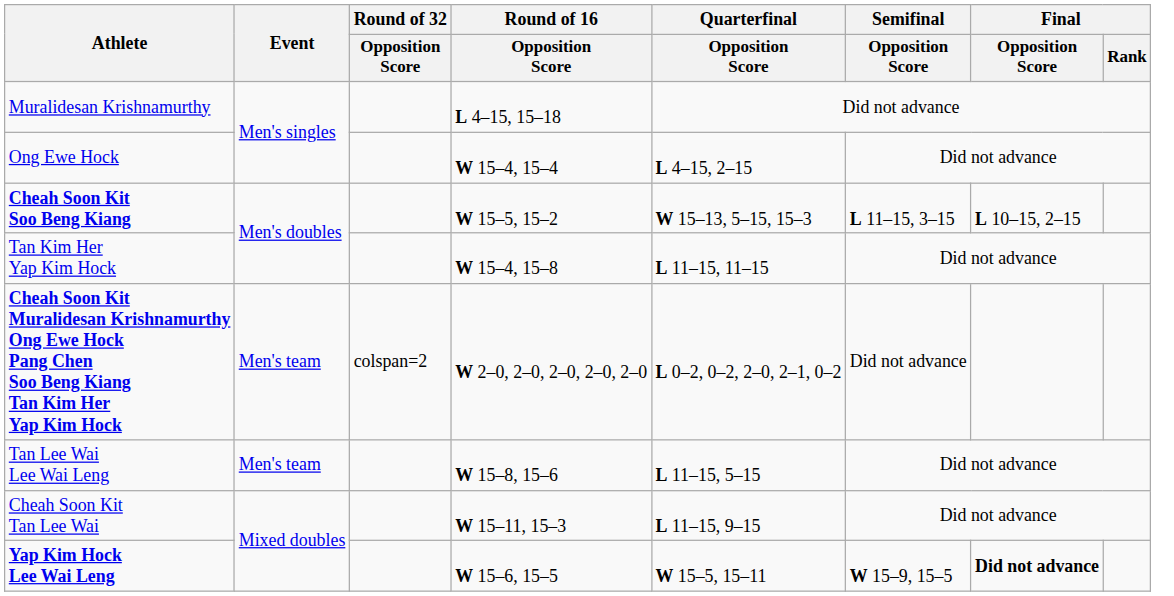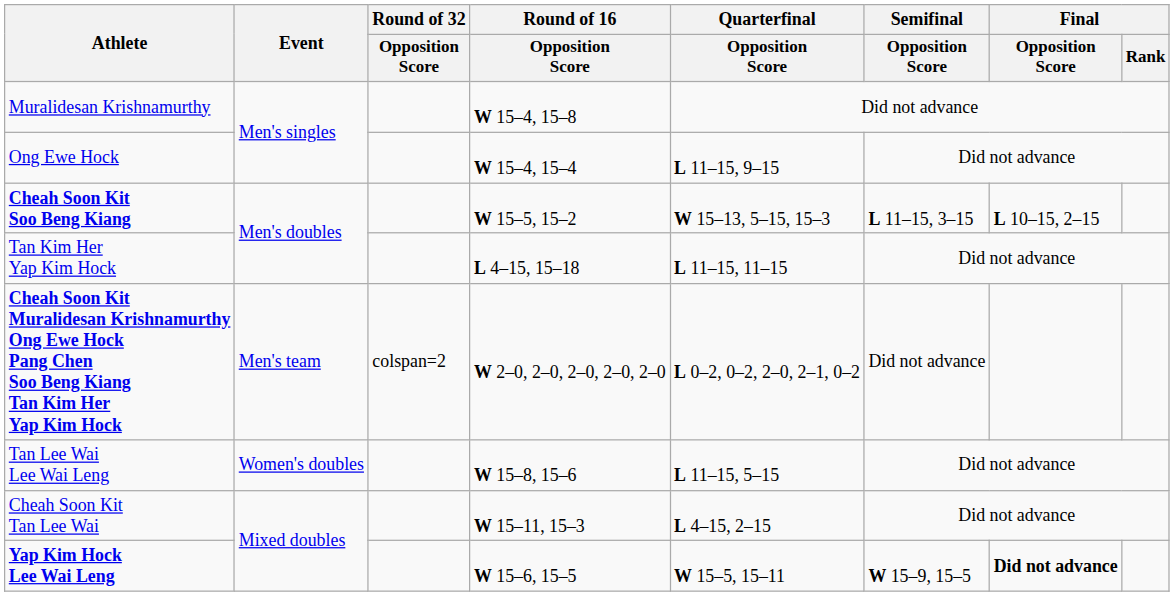 <table class="wikitable" style="font-size:90%">
 <tr>
 <th rowspan=2>Athlete</th>
 <th rowspan=2>Event</th>
 <th>Round of 32</th>
 <th>Round of 16</th>
 <th>Quarterfinal</th>
 <th>Semifinal</th>
 <th colspan=2>Final</th>
 </tr>
 <tr style="font-size:95%">
 <th>Opposition<br>Score</th>
 <th>Opposition<br>Score</th>
 <th>Opposition<br>Score</th>
 <th>Opposition<br>Score</th>
 <th>Opposition<br>Score</th>
 <th>Rank</th>
 </tr>
 <tr>
 <td><a href='#'>Muralidesan Krishnamurthy</a></td>
 <td rowspan=2><a href='#'>Men's singles</a></td>
 <td></td>
-<td><br><strong>L</strong> 4–15, 15–18</td>
+<td><br><strong>W</strong> 15–4, 15–8</td>
 <td colspan=4 align=center>Did not advance</td>
 </tr>
 <tr>
 <td><a href='#'>Ong Ewe Hock</a></td>
 <td></td>
 <td><br><strong>W</strong> 15–4, 15–4</td>
-<td><br><strong>L</strong> 4–15, 2–15</td>
+<td><br><strong>L</strong> 11–15, 9–15</td>
 <td colspan=3 align=center>Did not advance</td>
 </tr>
 <tr>
 <td><strong><a href='#'>Cheah Soon Kit</a><br><a href='#'>Soo Beng Kiang</a></strong></td>
 <td rowspan=2><a href='#'>Men's doubles</a></td>
 <td></td>
 <td><br><strong>W</strong> 15–5, 15–2</td>
 <td><br><strong>W</strong> 15–13, 5–15, 15–3</td>
 <td><br><strong>L</strong> 11–15, 3–15</td>
 <td><br><strong>L</strong> 10–15, 2–15</td>
 <td align=center></td>
 </tr>
 <tr>
 <td><a href='#'>Tan Kim Her</a><br><a href='#'>Yap Kim Hock</a></td>
 <td></td>
-<td><br><strong>W</strong> 15–4, 15–8</td>
+<td><br><strong>L</strong> 4–15, 15–18</td>
 <td><br><strong>L</strong> 11–15, 11–15</td>
 <td colspan=3 align=center>Did not advance</td>
 </tr>
 <tr>
 <td><strong><a href='#'>Cheah Soon Kit</a><br><a href='#'>Muralidesan Krishnamurthy</a><br><a href='#'>Ong Ewe Hock</a><br><a href='#'>Pang Chen</a><br><a href='#'>Soo Beng Kiang</a><br><a href='#'>Tan Kim Her</a><br><a href='#'>Yap Kim Hock</a></strong></td>
 <td><a href='#'>Men's team</a></td>
 <td>colspan=2 </td>
 <td><br><strong>W</strong> 2–0, 2–0, 2–0, 2–0, 2–0</td>
 <td><br><strong>L</strong> 0–2, 0–2, 2–0, 2–1, 0–2</td>
 <td align=center>Did not advance</td>
 <td align=center></td>
 </tr>
 <tr>
 <td><a href='#'>Tan Lee Wai</a><br><a href='#'>Lee Wai Leng</a></td>
-<td><a href='#'>Men's team</a></td>
+<td><a href='#'>Women's doubles</a></td>
 <td></td>
 <td><br><strong>W</strong> 15–8, 15–6</td>
 <td><br><strong>L</strong> 11–15, 5–15</td>
 <td colspan=3 align=center>Did not advance</td>
 </tr>
 <tr>
 <td><a href='#'>Cheah Soon Kit</a><br><a href='#'>Tan Lee Wai</a></td>
 <td rowspan=2><a href='#'>Mixed doubles</a></td>
 <td></td>
 <td><br><strong>W</strong> 15–11, 15–3</td>
-<td><br><strong>L</strong> 11–15, 9–15</td>
+<td><br><strong>L</strong> 4–15, 2–15</td>
 <td colspan=3 align=center>Did not advance</td>
 </tr>
 <tr>
 <td><strong><a href='#'>Yap Kim Hock</a><br><a href='#'>Lee Wai Leng</a></strong></td>
 <td></td>
 <td><br><strong>W</strong> 15–6, 15–5</td>
 <td><br><strong>W</strong> 15–5, 15–11</td>
 <td><br><strong>W</strong> 15–9, 15–5</td>
 <td align=center><strong>Did not advance</strong></td>
 <td align=center></td>
 </tr>
 </table>
